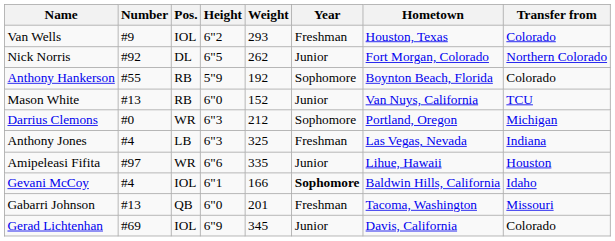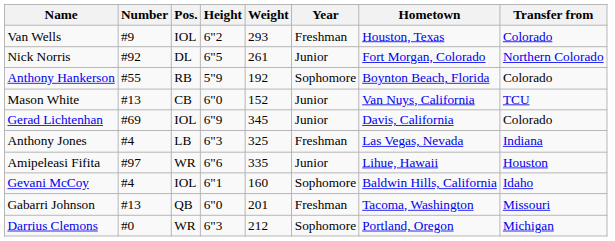 <table class="wikitable sortable">
 <tr>
 <th style="text-align:center; ">Name</th>
 <th style="text-align:center; ">Number</th>
 <th style="text-align:center; ">Pos.</th>
 <th style="text-align:center; ">Height</th>
 <th style="text-align:center; ">Weight</th>
 <th style="text-align:center; ">Year</th>
 <th style="text-align:center; ">Hometown</th>
 <th style="text-align:center; ">Transfer from</th>
 </tr>
 <tr>
 <td>Van Wells</td>
 <td>#9</td>
 <td>IOL</td>
 <td>6"2</td>
 <td>293</td>
 <td>Freshman</td>
 <td><a href='#'>Houston, Texas</a></td>
 <td><a href='#'>Colorado</a></td>
 </tr>
 <tr>
 <td>Nick Norris</td>
 <td>#92</td>
 <td>DL</td>
 <td>6"5</td>
-<td>262</td>
+<td>261</td>
 <td>Junior</td>
 <td><a href='#'>Fort Morgan, Colorado</a></td>
 <td><a href='#'>Northern Colorado</a></td>
 </tr>
 <tr>
 <td><a href='#'>Anthony Hankerson</a></td>
 <td>#55</td>
 <td>RB</td>
 <td>5"9</td>
 <td>192</td>
 <td>Sophomore</td>
 <td><a href='#'>Boynton Beach, Florida</a></td>
 <td>Colorado</td>
 </tr>
 <tr>
 <td>Mason White</td>
 <td>#13</td>
-<td>RB</td>
+<td>CB</td>
 <td>6"0</td>
 <td>152</td>
 <td>Junior</td>
 <td><a href='#'>Van Nuys, California</a></td>
 <td><a href='#'>TCU</a></td>
 </tr>
 <tr>
-<td><a href='#'>Darrius Clemons</a></td>
-<td>#0</td>
-<td>WR</td>
-<td>6"3</td>
-<td>212</td>
-<td>Sophomore</td>
-<td><a href='#'>Portland, Oregon</a></td>
-<td><a href='#'>Michigan</a></td>
+<td><a href='#'>Gerad Lichtenhan</a></td>
+<td>#69</td>
+<td>IOL</td>
+<td>6"9</td>
+<td>345</td>
+<td>Junior</td>
+<td><a href='#'>Davis, California</a></td>
+<td>Colorado</td>
 </tr>
 <tr>
 <td>Anthony Jones</td>
 <td>#4</td>
 <td>LB</td>
 <td>6"3</td>
 <td>325</td>
 <td>Freshman</td>
 <td><a href='#'>Las Vegas, Nevada</a></td>
 <td><a href='#'>Indiana</a></td>
 </tr>
 <tr>
 <td>Amipeleasi Fifita</td>
 <td>#97</td>
 <td>WR</td>
 <td>6"6</td>
 <td>335</td>
 <td>Junior</td>
 <td><a href='#'>Lihue, Hawaii</a></td>
 <td><a href='#'>Houston</a></td>
 </tr>
 <tr>
 <td><a href='#'>Gevani McCoy</a></td>
 <td>#4</td>
 <td>IOL</td>
 <td>6"1</td>
-<td>166</td>
-<td><strong>Sophomore</strong></td>
+<td>160</td>
+<td>Sophomore</td>
 <td><a href='#'>Baldwin Hills, California</a></td>
 <td><a href='#'>Idaho</a></td>
 </tr>
 <tr>
 <td>Gabarri Johnson</td>
 <td>#13</td>
 <td>QB</td>
 <td>6"0</td>
 <td>201</td>
 <td>Freshman</td>
 <td><a href='#'>Tacoma, Washington</a></td>
 <td><a href='#'>Missouri</a></td>
 </tr>
 <tr>
-<td><a href='#'>Gerad Lichtenhan</a></td>
-<td>#69</td>
-<td>IOL</td>
-<td>6"9</td>
-<td>345</td>
-<td>Junior</td>
-<td><a href='#'>Davis, California</a></td>
-<td>Colorado</td>
+<td><a href='#'>Darrius Clemons</a></td>
+<td>#0</td>
+<td>WR</td>
+<td>6"3</td>
+<td>212</td>
+<td>Sophomore</td>
+<td><a href='#'>Portland, Oregon</a></td>
+<td><a href='#'>Michigan</a></td>
 </tr>
 </table>
